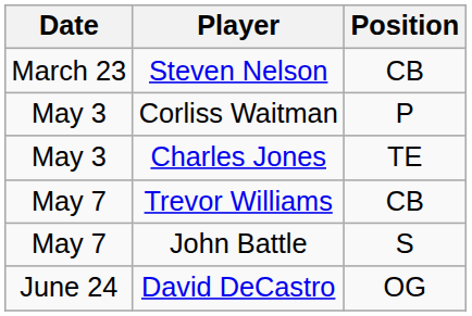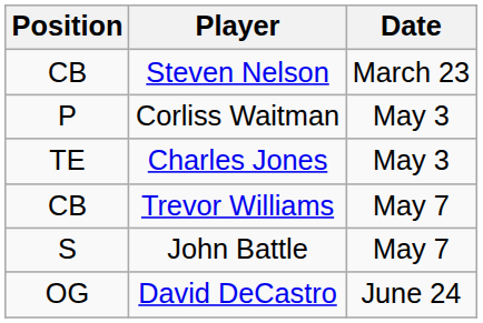 <table class="wikitable" style="text-align:center">
 <tr>
+<th>Position</th>
+<th>Player</th>
 <th>Date</th>
-<th>Player</th>
-<th>Position</th>
 </tr>
 <tr>
+<td>CB</td>
+<td><a href='#'>Steven Nelson</a></td>
 <td>March 23</td>
-<td><a href='#'>Steven Nelson</a></td>
-<td>CB</td>
 </tr>
 <tr>
+<td>P</td>
+<td>Corliss Waitman</td>
 <td>May 3</td>
-<td>Corliss Waitman</td>
-<td>P</td>
 </tr>
 <tr>
+<td>TE</td>
+<td><a href='#'>Charles Jones</a></td>
 <td>May 3</td>
-<td><a href='#'>Charles Jones</a></td>
-<td>TE</td>
 </tr>
 <tr>
+<td>CB</td>
+<td><a href='#'>Trevor Williams</a></td>
 <td>May 7</td>
-<td><a href='#'>Trevor Williams</a></td>
-<td>CB</td>
 </tr>
 <tr>
+<td>S</td>
+<td>John Battle</td>
 <td>May 7</td>
-<td>John Battle</td>
-<td>S</td>
 </tr>
 <tr>
+<td>OG</td>
+<td><a href='#'>David DeCastro</a></td>
 <td>June 24</td>
-<td><a href='#'>David DeCastro</a></td>
-<td>OG</td>
 </tr>
 </table>
